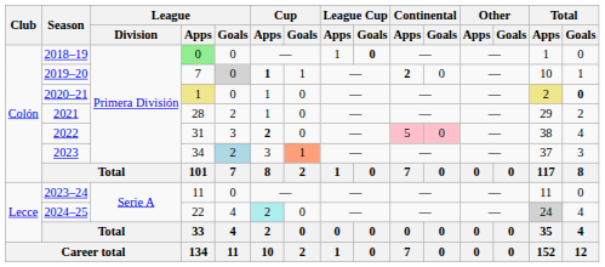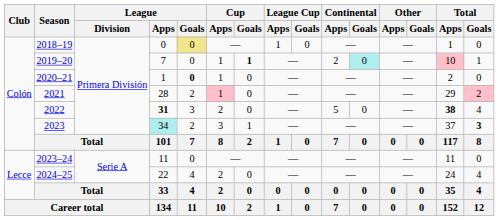 <table class="wikitable" style="text-align:center">
 <tr>
 <th rowspan="2">Club</th>
 <th rowspan="2">Season</th>
 <th colspan="3">League</th>
 <th colspan="2">Cup</th>
 <th colspan="2">League Cup</th>
 <th colspan="2">Continental</th>
 <th colspan="2">Other</th>
 <th colspan="2">Total</th>
 </tr>
 <tr>
 <th>Division</th>
 <th>Apps</th>
 <th>Goals</th>
 <th>Apps</th>
 <th>Goals</th>
 <th>Apps</th>
 <th>Goals</th>
 <th>Apps</th>
 <th>Goals</th>
 <th>Apps</th>
 <th>Goals</th>
 <th>Apps</th>
 <th>Goals</th>
 </tr>
 <tr>
 <td rowspan="7"><a href='#'>Colón</a></td>
 <td><a href='#'>2018–19</a></td>
 <td rowspan="6"><a href='#'>Primera División</a></td>
-<td style="background: lightgreen;">0</td>
 <td>0</td>
+<td style="background: khaki;">0</td>
 <td colspan="2">—</td>
 <td>1</td>
-<td><strong>0</strong></td>
+<td>0</td>
 <td colspan="2">—</td>
 <td colspan="2">—</td>
 <td>1</td>
 <td>0</td>
 </tr>
 <tr>
 <td><a href='#'>2019–20</a></td>
 <td>7</td>
-<td style="background: lightgrey;">0</td>
+<td>0</td>
+<td>1</td>
 <td><strong>1</strong></td>
-<td>1</td>
 <td colspan="2">—</td>
-<td><strong>2</strong></td>
-<td>0</td>
+<td>2</td>
+<td style="background: paleturquoise;">0</td>
 <td colspan="2">—</td>
-<td>10</td>
+<td style="background: pink;">10</td>
 <td>1</td>
 </tr>
 <tr>
 <td><a href='#'>2020–21</a></td>
-<td style="background: khaki;">1</td>
-<td>0</td>
+<td>1</td>
+<td><strong>0</strong></td>
 <td>1</td>
 <td>0</td>
 <td colspan="2">—</td>
 <td colspan="2">—</td>
 <td colspan="2">—</td>
-<td style="background: khaki;">2</td>
-<td><strong>0</strong></td>
+<td>2</td>
+<td>0</td>
 </tr>
 <tr>
 <td><a href='#'>2021</a></td>
 <td>28</td>
 <td>2</td>
-<td>1</td>
+<td style="background: pink;">1</td>
 <td>0</td>
 <td colspan="2">—</td>
 <td colspan="2">—</td>
 <td colspan="2">—</td>
 <td>29</td>
-<td>2</td>
+<td style="background: pink;">2</td>
 </tr>
 <tr>
 <td><a href='#'>2022</a></td>
-<td>31</td>
+<td><strong>31</strong></td>
 <td>3</td>
-<td><strong>2</strong></td>
+<td>2</td>
 <td>0</td>
 <td colspan="2">—</td>
-<td style="background: pink;">5</td>
-<td style="background: pink;">0</td>
+<td>5</td>
+<td>0</td>
 <td colspan="2">—</td>
-<td>38</td>
+<td><strong>38</strong></td>
 <td>4</td>
 </tr>
 <tr>
 <td><a href='#'>2023</a></td>
-<td>34</td>
-<td style="background: lightblue;">2</td>
+<td style="background: paleturquoise;">34</td>
+<td>2</td>
 <td>3</td>
-<td style="background: lightsalmon;">1</td>
+<td>1</td>
 <td colspan="2">—</td>
 <td colspan="2">—</td>
 <td colspan="2">—</td>
 <td>37</td>
-<td>3</td>
+<td><strong>3</strong></td>
 </tr>
 <tr>
 <th colspan="2">Total</th>
 <th>101</th>
 <th>7</th>
 <th>8</th>
 <th>2</th>
 <th>1</th>
 <th>0</th>
 <th>7</th>
 <th>0</th>
 <th>0</th>
 <th>0</th>
 <th>117</th>
 <th>8</th>
 </tr>
 <tr>
 <td rowspan="3"><a href='#'>Lecce</a></td>
 <td><a href='#'>2023–24</a></td>
 <td rowspan="2"><a href='#'>Serie A</a></td>
 <td>11</td>
 <td>0</td>
 <td colspan="2">—</td>
 <td colspan="2">—</td>
 <td colspan="2">—</td>
 <td colspan="2">—</td>
 <td>11</td>
 <td>0</td>
 </tr>
 <tr>
 <td><a href='#'>2024–25</a></td>
 <td>22</td>
 <td>4</td>
-<td style="background: paleturquoise;">2</td>
+<td>2</td>
 <td>0</td>
 <td colspan="2">—</td>
 <td colspan="2">—</td>
 <td colspan="2">—</td>
-<td style="background: lightgrey;">24</td>
+<td>24</td>
 <td>4</td>
 </tr>
 <tr>
 <th colspan="2">Total</th>
 <th>33</th>
 <th>4</th>
 <th>2</th>
 <th>0</th>
 <th>0</th>
 <th>0</th>
 <th>0</th>
 <th>0</th>
 <th>0</th>
 <th>0</th>
 <th>35</th>
 <th>4</th>
 </tr>
 <tr>
 <th colspan="3">Career total</th>
 <th>134</th>
 <th>11</th>
 <th>10</th>
 <th>2</th>
 <th>1</th>
 <th>0</th>
 <th>7</th>
 <th>0</th>
 <th>0</th>
 <th>0</th>
 <th>152</th>
 <th>12</th>
 </tr>
 </table>
